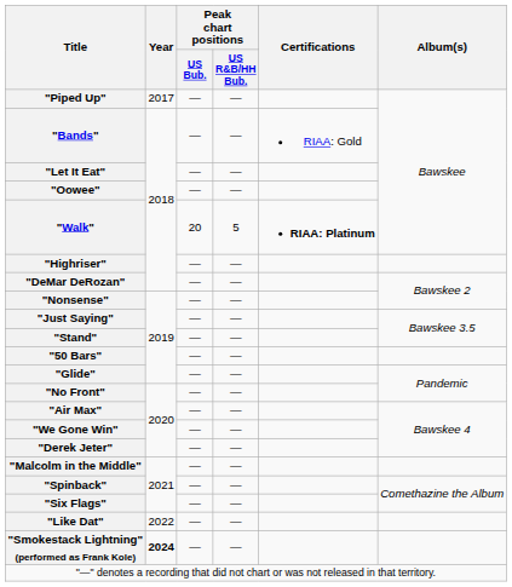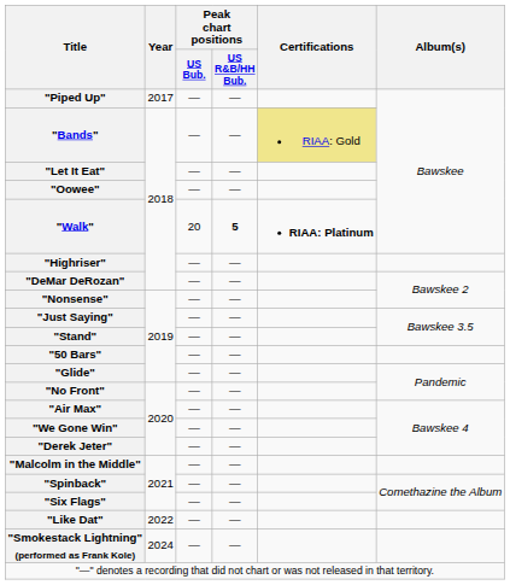 <table class="wikitable plainrowheaders" style="text-align:center">
 <tr>
 <th rowspan="2">Title</th>
 <th rowspan="2">Year</th>
 <th colspan="2">Peak<br>chart<br>positions</th>
 <th rowspan="2">Certifications</th>
 <th rowspan="2">Album(s)</th>
 </tr>
 <tr>
 <th scope="col" style="width:3em;font-size:90%;"><a href='#'>US<br>Bub.</a><br></th>
 <th scope="col" style="width:3em;font-size:90%;"><a href='#'>US<br>R&B/HH<br>Bub.</a><br></th>
 </tr>
 <tr>
 <th scope="row">"Piped Up"</th>
 <td>2017</td>
 <td>—</td>
 <td>—</td>
 <td></td>
 <td rowspan="5"><em>Bawskee</em></td>
 </tr>
 <tr>
 <th scope="row">"<a href='#'>Bands</a>"<br></th>
 <td rowspan="6">2018</td>
 <td>—</td>
 <td>—</td>
-<td><br><ul><li><a href='#'>RIAA</a>: Gold</li></ul></td>
+<td style="background: khaki;"><br><ul><li><a href='#'>RIAA</a>: Gold</li></ul></td>
 </tr>
 <tr>
 <th scope="row">"Let It Eat"<br></th>
 <td>—</td>
 <td>—</td>
 <td></td>
 </tr>
 <tr>
 <th scope="row">"Oowee"</th>
 <td>—</td>
 <td>—</td>
 <td></td>
 </tr>
 <tr>
 <th scope="row">"<a href='#'>Walk</a>"<br></th>
 <td>20</td>
-<td>5</td>
+<td><strong>5</strong></td>
 <td><strong><br><ul><li>RIAA: Platinum</li></ul></strong></td>
 </tr>
 <tr>
 <th scope="row">"Highriser"</th>
 <td>—</td>
 <td>—</td>
 <td></td>
 <td></td>
 </tr>
 <tr>
 <th scope="row">"DeMar DeRozan"</th>
 <td>—</td>
 <td>—</td>
 <td></td>
 <td rowspan="2"><em>Bawskee 2</em></td>
 </tr>
 <tr>
 <th scope="row">"Nonsense"</th>
 <td rowspan="5">2019</td>
 <td>—</td>
 <td>—</td>
 <td></td>
 </tr>
 <tr>
 <th scope="row">"Just Saying"</th>
 <td>—</td>
 <td>—</td>
 <td></td>
 <td rowspan="2"><em>Bawskee 3.5</em></td>
 </tr>
 <tr>
 <th scope="row">"Stand"</th>
 <td>—</td>
 <td>—</td>
 </tr>
 <tr>
 <th scope="row">"50 Bars"</th>
 <td>—</td>
 <td>—</td>
 <td></td>
 <td></td>
 </tr>
 <tr>
 <th scope="row">"Glide"</th>
 <td>—</td>
 <td>—</td>
 <td></td>
 <td rowspan="2"><em>Pandemic</em></td>
 </tr>
 <tr>
 <th scope="row">"No Front"</th>
 <td rowspan="4">2020</td>
 <td>—</td>
 <td>—</td>
 <td></td>
 </tr>
 <tr>
 <th scope="row">"Air Max"</th>
 <td>—</td>
 <td>—</td>
 <td></td>
 <td rowspan="3"><em>Bawskee 4</em></td>
 </tr>
 <tr>
 <th scope="row">"We Gone Win"</th>
 <td>—</td>
 <td>—</td>
 <td></td>
 </tr>
 <tr>
 <th scope="row">"Derek Jeter"</th>
 <td>—</td>
 <td>—</td>
 <td></td>
 </tr>
 <tr>
 <th scope="row">"Malcolm in the Middle"</th>
 <td rowspan="3">2021</td>
 <td>—</td>
 <td>—</td>
 <td></td>
 <td></td>
 </tr>
 <tr>
 <th scope="row">"Spinback"</th>
 <td>—</td>
 <td>—</td>
 <td></td>
 <td rowspan="2"><em>Comethazine the Album</em></td>
 </tr>
 <tr>
 <th scope="row">"Six Flags"</th>
 <td>—</td>
 <td>—</td>
 <td></td>
 </tr>
 <tr>
 <th scope="row">"Like Dat"</th>
 <td>2022</td>
 <td>—</td>
 <td>—</td>
 <td></td>
 <td></td>
 </tr>
 <tr>
 <th scope="row">"Smokestack Lightning"<br><sub>(performed as Frank Kole)</sub></th>
-<td><strong>2024</strong></td>
+<td>2024</td>
 <td>—</td>
 <td>—</td>
 <td></td>
 <td></td>
 </tr>
 <tr>
 <td colspan="6" style="font-size:90%">"—" denotes a recording that did not chart or was not released in that territory.</td>
 </tr>
 </table>
